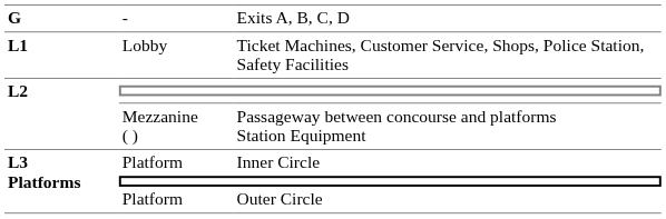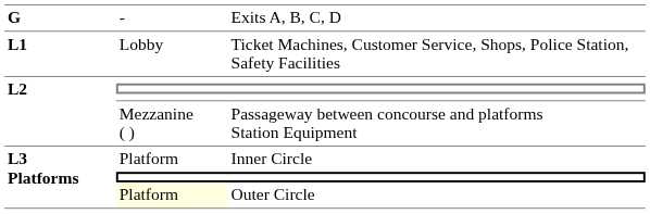 <table table border=0 cellspacing=0 cellpadding=3>
 <tr>
 <td style="border-top:solid 1px gray;" width=50 valign=top><strong>G</strong></td>
 <td style="border-top:solid 1px gray;" width=100 valign=top>-</td>
 <td style="border-top:solid 1px gray;" width=390 valign=top>Exits A, B, C, D</td>
 </tr>
 <tr>
 <td style="border-bottom:solid 1px gray; border-top:solid 1px gray;" valign=top width=100><strong>L1</strong></td>
 <td style="border-bottom:solid 1px gray; border-top:solid 1px gray;" valign=top width=100>Lobby</td>
 <td style="border-bottom:solid 1px gray; border-top:solid 1px gray;" valign=top width=390>Ticket Machines, Customer Service, Shops, Police Station, Safety Facilities</td>
 </tr>
 <tr>
 <td style="border-bottom:solid 1px gray;" rowspan=4 valign=top><strong>L2<br></strong></td>
 <td></td>
 <td></td>
 </tr>
 <tr>
 <td style="border-right:solid 2px gray;border-left:solid 2px gray;border-top:solid 2px gray;border-bottom:solid 2px gray;text-align:center;" colspan=2></td>
 </tr>
 <tr>
 <td style="border-bottom:solid 1px gray;"></td>
 <td style="border-bottom:solid 1px gray;"></td>
 </tr>
 <tr>
 <td style="border-bottom:solid 1px gray;">Mezzanine<br>( )</td>
 <td style="border-bottom:solid 1px gray;">Passageway between concourse and   platforms<br>Station Equipment</td>
 </tr>
 <tr>
 <td style="border-bottom:solid 1px gray;" rowspan=3 valign=top><strong>L3<br>  Platforms</strong></td>
 <td>Platform </td>
 <td>   Inner Circle </td>
 </tr>
 <tr>
 <td style="border-right:solid 2px black;border-left:solid 2px black;border-top:solid 2px black;border-bottom:solid 2px black;text-align:center;" colspan=2></td>
 </tr>
 <tr>
-<td style="border-bottom:solid 1px gray;">Platform </td>
+<td style="background: lightyellow; border-bottom:solid 1px gray;">Platform </td>
 <td style="border-bottom:solid 1px gray;">  Outer Circle  </td>
 </tr>
 <tr>
 </tr>
 </table>
